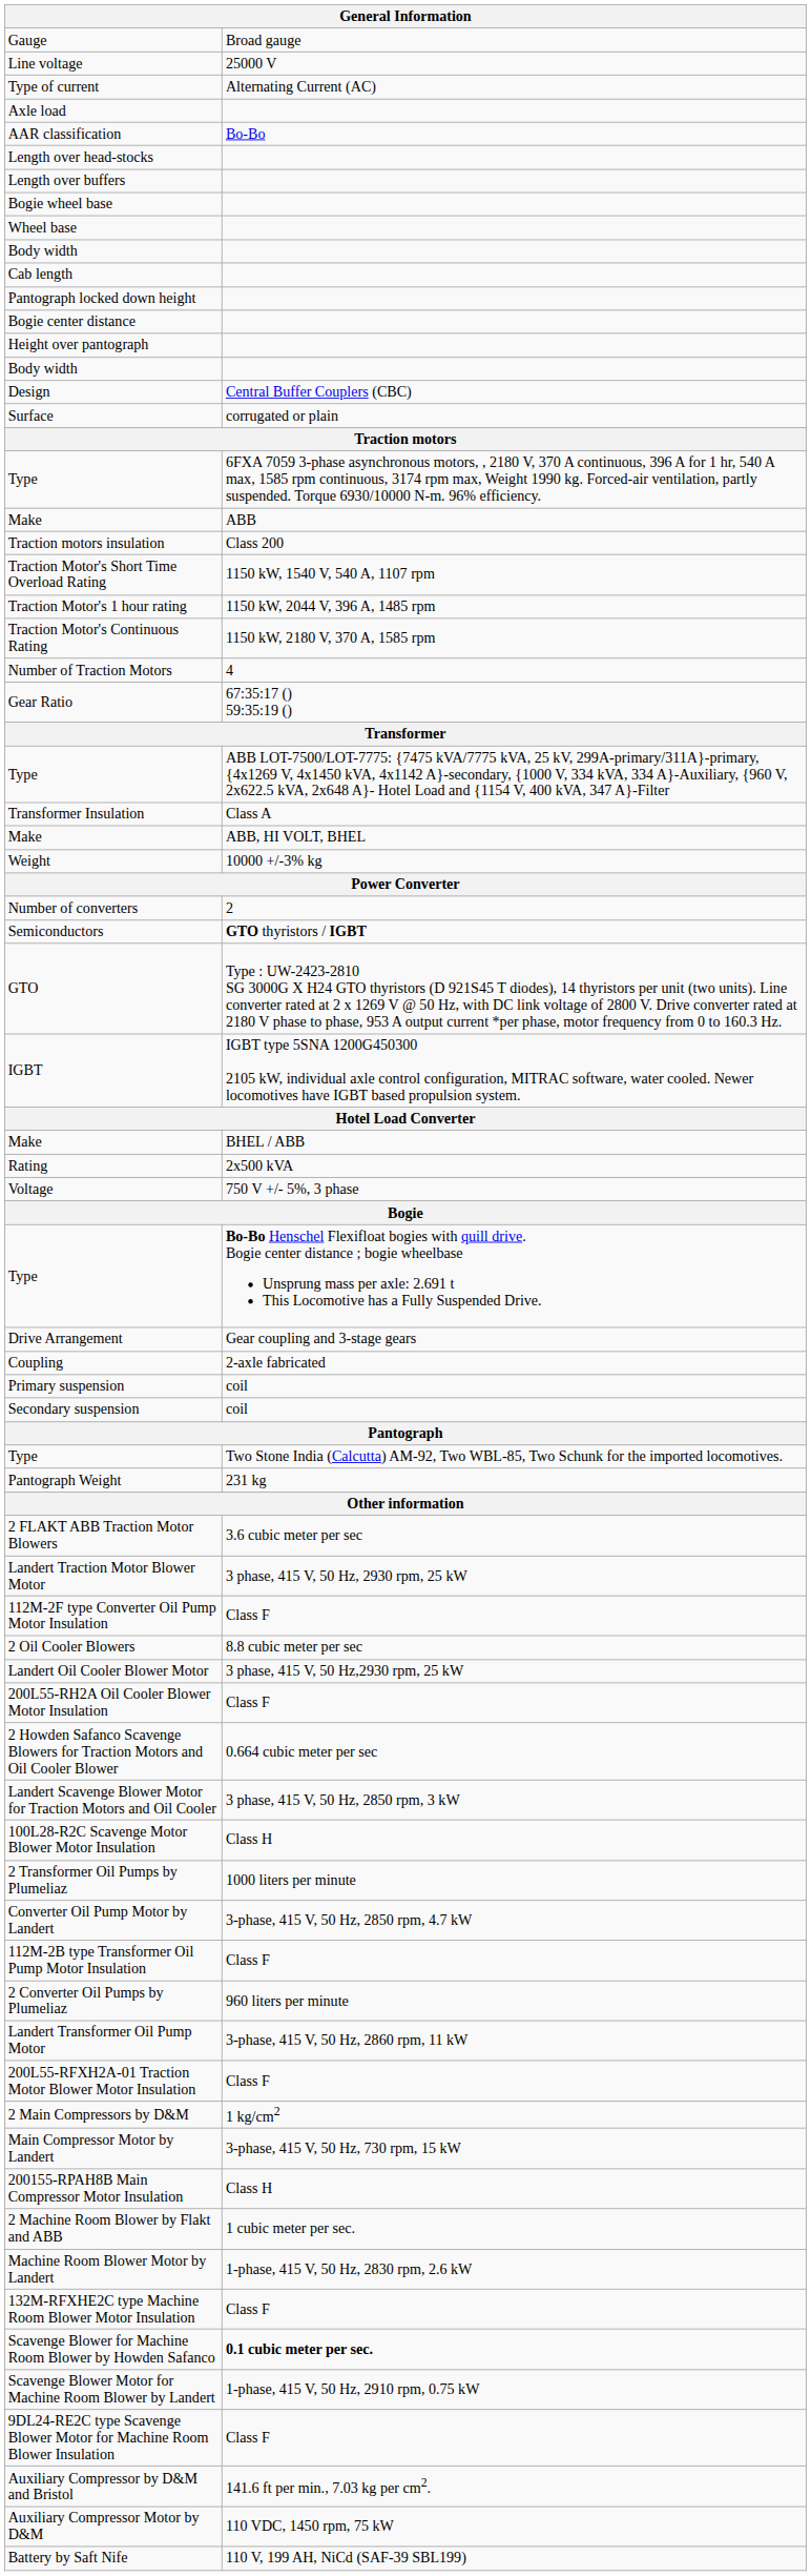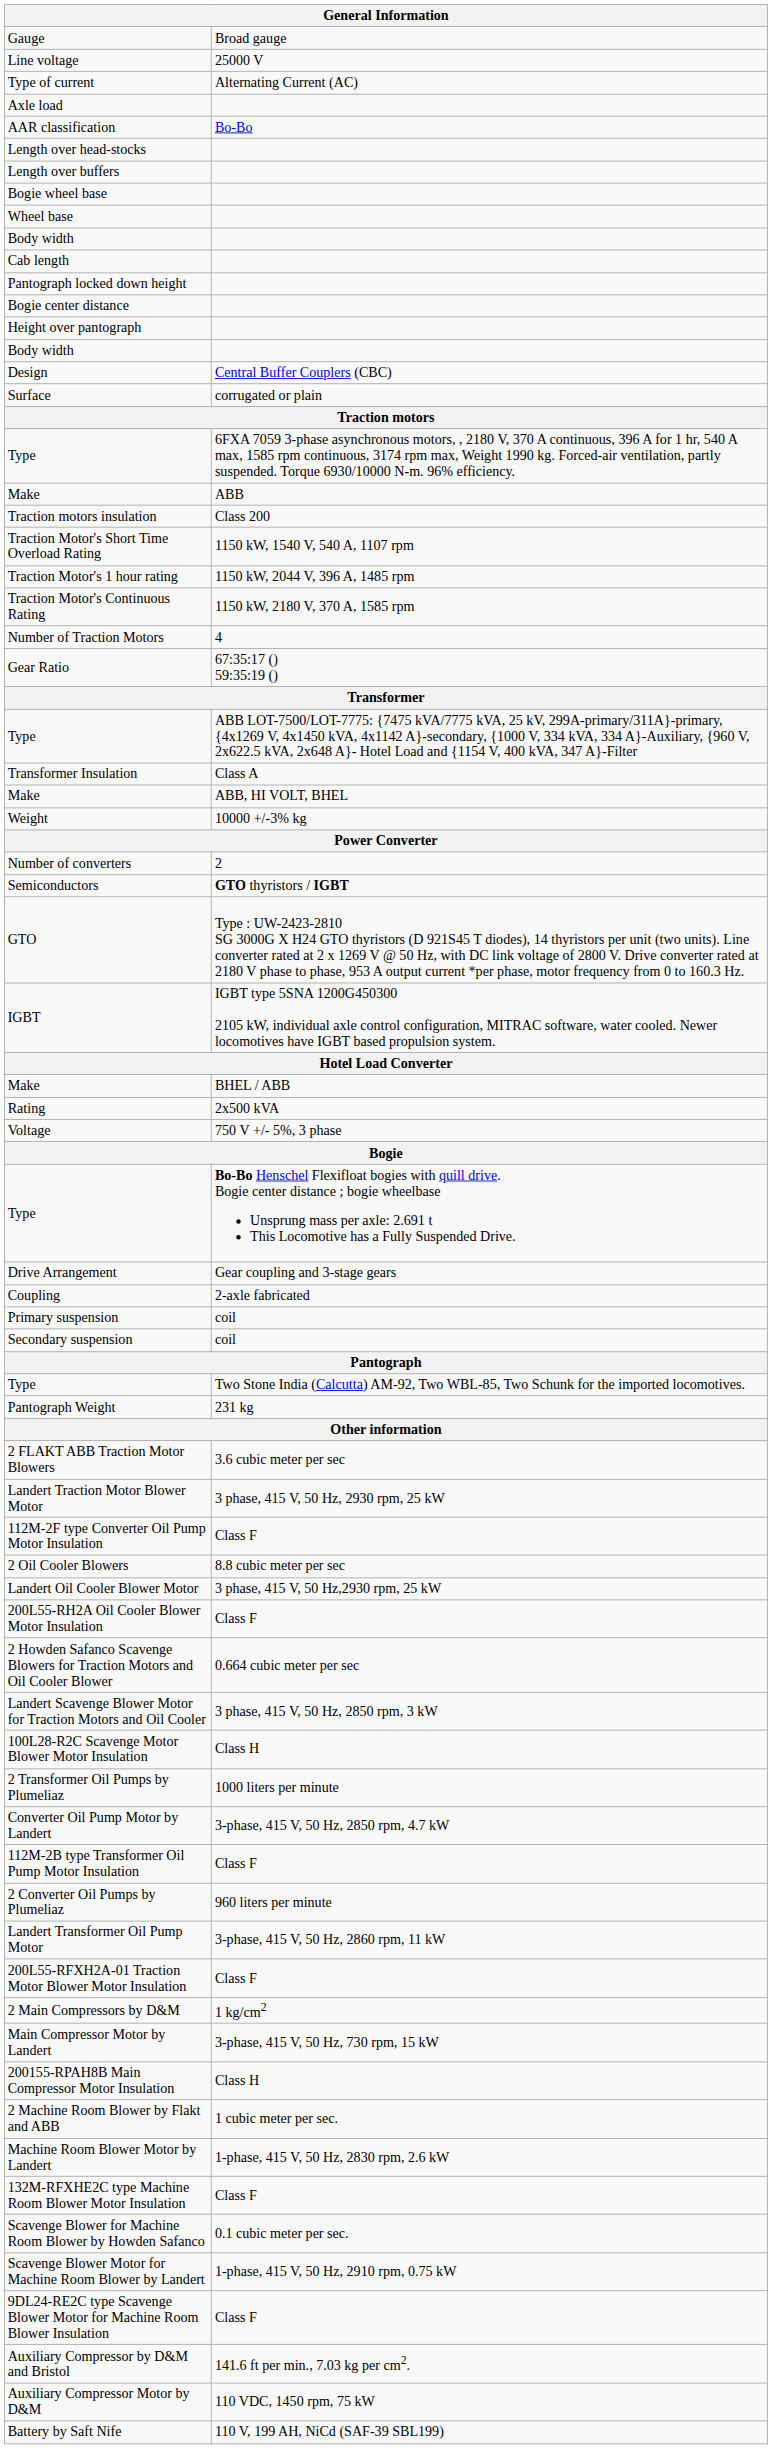 <table class="wikitable"style="text-align:left;"style="font-size: 85%">
 <tr>
 <th colspan=2><strong>General Information</strong></th>
 </tr>
 <tr>
 <td>Gauge</td>
 <td>Broad gauge </td>
 </tr>
 <tr>
 <td>Line voltage</td>
 <td>25000 V</td>
 </tr>
 <tr>
 <td>Type of current</td>
 <td>Alternating Current (AC)</td>
 </tr>
 <tr>
 <td>Axle load</td>
 <td></td>
 </tr>
 <tr>
 <td>AAR classification</td>
 <td><a href='#'>Bo-Bo</a></td>
 </tr>
 <tr>
 <td>Length over head-stocks</td>
 <td></td>
 </tr>
 <tr>
 <td>Length over buffers</td>
 <td></td>
 </tr>
 <tr>
 <td>Bogie wheel base</td>
 <td></td>
 </tr>
 <tr>
 <td>Wheel base</td>
 <td></td>
 </tr>
 <tr>
 <td>Body width</td>
 <td></td>
 </tr>
 <tr>
 <td>Cab length</td>
 <td></td>
 </tr>
 <tr>
 <td>Pantograph locked down height</td>
 <td></td>
 </tr>
 <tr>
 <td>Bogie center distance</td>
 <td></td>
 </tr>
 <tr>
 <td>Height over pantograph</td>
 <td></td>
 </tr>
 <tr>
 <td>Body width</td>
 <td></td>
 </tr>
 <tr>
 <td>Design</td>
 <td><a href='#'>Central Buffer Couplers</a> (CBC)</td>
 </tr>
 <tr>
 <td>Surface</td>
 <td>corrugated or plain</td>
 </tr>
 <tr>
 <th colspan=2><strong>Traction motors</strong></th>
 </tr>
 <tr>
 <td>Type</td>
 <td>6FXA 7059 3-phase asynchronous motors, , 2180 V, 370 A continuous, 396 A for 1 hr, 540 A max, 1585 rpm continuous, 3174 rpm max, Weight 1990 kg. Forced-air ventilation, partly suspended. Torque 6930/10000 N-m. 96% efficiency.</td>
 </tr>
 <tr>
 <td>Make</td>
 <td>ABB</td>
 </tr>
 <tr>
 <td>Traction motors insulation</td>
 <td>Class 200</td>
 </tr>
 <tr>
 <td>Traction Motor's Short Time Overload Rating</td>
 <td>1150 kW, 1540 V, 540 A, 1107 rpm</td>
 </tr>
 <tr>
 <td>Traction Motor's 1 hour rating</td>
 <td>1150 kW, 2044 V, 396 A, 1485 rpm</td>
 </tr>
 <tr>
 <td>Traction Motor's Continuous Rating</td>
 <td>1150 kW, 2180 V, 370 A, 1585 rpm</td>
 </tr>
 <tr>
 <td>Number of Traction Motors</td>
 <td>4</td>
 </tr>
 <tr>
 <td>Gear Ratio</td>
 <td>67:35:17 ()<br>59:35:19 ()</td>
 </tr>
 <tr>
 <th colspan=2><strong>Transformer</strong></th>
 </tr>
 <tr>
 <td>Type</td>
 <td>ABB LOT-7500/LOT-7775: {7475 kVA/7775 kVA, 25 kV, 299A-primary/311A}-primary, {4x1269 V, 4x1450 kVA, 4x1142 A}-secondary, {1000 V, 334 kVA, 334 A}-Auxiliary, {960 V, 2x622.5 kVA, 2x648 A}- Hotel Load and {1154 V, 400 kVA, 347 A}-Filter</td>
 </tr>
 <tr>
 <td>Transformer Insulation</td>
 <td>Class A</td>
 </tr>
 <tr>
 <td>Make</td>
 <td>ABB, HI VOLT, BHEL</td>
 </tr>
 <tr>
 <td>Weight</td>
 <td>10000 +/-3% kg</td>
 </tr>
 <tr>
 <th colspan=2><strong>Power Converter</strong></th>
 </tr>
 <tr>
 <td>Number of converters</td>
 <td>2</td>
 </tr>
 <tr>
 <td>Semiconductors</td>
 <td><strong>GTO</strong> thyristors / <strong>IGBT</strong></td>
 </tr>
 <tr>
 <td>GTO</td>
 <td><br>Type : UW-2423-2810 <br> SG 3000G X H24 GTO thyristors (D 921S45 T diodes), 14 thyristors per unit (two units). Line converter rated at 2 x 1269 V @ 50 Hz, with DC link voltage of 2800 V. Drive converter rated at 2180 V phase to phase, 953 A output current *per phase, motor frequency from 0 to 160.3 Hz.</td>
 </tr>
 <tr>
 <td>IGBT</td>
 <td>IGBT type 5SNA 1200G450300 <br><br>2105 kW, individual axle control configuration, MITRAC software, water cooled. Newer locomotives have IGBT based propulsion system.</td>
 </tr>
 <tr>
 <th colspan=2><strong>Hotel Load Converter</strong></th>
 </tr>
 <tr>
 <td>Make</td>
 <td>BHEL / ABB</td>
 </tr>
 <tr>
 <td>Rating</td>
 <td>2x500 kVA</td>
 </tr>
 <tr>
 <td>Voltage</td>
 <td>750 V +/- 5%, 3 phase</td>
 </tr>
 <tr>
 <th colspan=2><strong>Bogie</strong></th>
 </tr>
 <tr>
 <td>Type</td>
 <td><strong>Bo-Bo</strong> <a href='#'>Henschel</a> Flexifloat bogies with <a href='#'>quill drive</a>.<br>Bogie center distance ; bogie wheelbase <ul><li>Unsprung mass per axle: 2.691 t</li><li>This Locomotive has a Fully Suspended Drive.</li></ul></td>
 </tr>
 <tr>
 <td>Drive Arrangement</td>
 <td>Gear coupling and 3-stage gears</td>
 </tr>
 <tr>
 <td>Coupling</td>
 <td>2-axle fabricated</td>
 </tr>
 <tr>
 <td>Primary suspension</td>
 <td>coil</td>
 </tr>
 <tr>
 <td>Secondary suspension</td>
 <td>coil</td>
 </tr>
 <tr>
 <th colspan=2><strong>Pantograph</strong></th>
 </tr>
 <tr>
 <td>Type</td>
 <td>Two Stone India (<a href='#'>Calcutta</a>) AM-92, Two WBL-85, Two Schunk for the imported locomotives.</td>
 </tr>
 <tr>
 <td>Pantograph Weight</td>
 <td>231 kg</td>
 </tr>
 <tr>
 <th colspan=2><strong>Other information</strong></th>
 </tr>
 <tr>
 <td>2 FLAKT ABB Traction Motor Blowers</td>
 <td>3.6 cubic meter per sec</td>
 </tr>
 <tr>
 <td>Landert Traction Motor Blower Motor</td>
 <td>3 phase, 415 V, 50 Hz, 2930 rpm, 25 kW</td>
 </tr>
 <tr>
 <td>112M-2F type Converter Oil Pump Motor Insulation</td>
 <td>Class F</td>
 </tr>
 <tr>
 <td>2 Oil Cooler Blowers</td>
 <td>8.8 cubic meter per sec</td>
 </tr>
 <tr>
 <td>Landert Oil Cooler Blower Motor</td>
 <td>3 phase, 415 V, 50 Hz,2930 rpm, 25 kW</td>
 </tr>
 <tr>
 <td>200L55-RH2A Oil Cooler Blower Motor Insulation</td>
 <td>Class F</td>
 </tr>
 <tr>
 <td>2 Howden Safanco Scavenge Blowers for Traction Motors and Oil Cooler Blower</td>
 <td>0.664 cubic meter per sec</td>
 </tr>
 <tr>
 <td>Landert Scavenge Blower Motor for Traction Motors and Oil Cooler</td>
 <td>3 phase, 415 V, 50 Hz, 2850 rpm, 3 kW</td>
 </tr>
 <tr>
 <td>100L28-R2C Scavenge Motor Blower Motor Insulation</td>
 <td>Class H</td>
 </tr>
 <tr>
 <td>2 Transformer Oil Pumps by Plumeliaz</td>
 <td>1000 liters per minute</td>
 </tr>
 <tr>
 <td>Converter Oil Pump Motor by Landert</td>
 <td>3-phase, 415 V, 50 Hz, 2850 rpm, 4.7 kW</td>
 </tr>
 <tr>
 <td>112M-2B type Transformer Oil Pump Motor Insulation</td>
 <td>Class F</td>
 </tr>
 <tr>
 <td>2 Converter Oil Pumps by Plumeliaz</td>
 <td>960 liters per minute</td>
 </tr>
 <tr>
 <td>Landert Transformer Oil Pump Motor</td>
 <td>3-phase, 415 V, 50 Hz, 2860 rpm, 11 kW</td>
 </tr>
 <tr>
 <td>200L55-RFXH2A-01 Traction Motor Blower Motor Insulation</td>
 <td>Class F</td>
 </tr>
 <tr>
 <td>2 Main Compressors by D&M</td>
 <td>1 kg/cm<sup>2</sup></td>
 </tr>
 <tr>
 <td>Main Compressor Motor by Landert</td>
 <td>3-phase, 415 V, 50 Hz, 730 rpm, 15 kW</td>
 </tr>
 <tr>
 <td>200155-RPAH8B Main Compressor Motor Insulation</td>
 <td>Class H</td>
 </tr>
 <tr>
 <td>2 Machine Room Blower by Flakt and ABB</td>
 <td>1 cubic meter per sec.</td>
 </tr>
 <tr>
 <td>Machine Room Blower Motor by Landert</td>
 <td>1-phase, 415 V, 50 Hz, 2830 rpm, 2.6 kW</td>
 </tr>
 <tr>
 <td>132M-RFXHE2C type Machine Room Blower Motor Insulation</td>
 <td>Class F</td>
 </tr>
 <tr>
 <td>Scavenge Blower for Machine Room Blower by Howden Safanco</td>
-<td><strong>0.1 cubic meter per sec.</strong></td>
+<td>0.1 cubic meter per sec.</td>
 </tr>
 <tr>
 <td>Scavenge Blower Motor for Machine Room Blower by Landert</td>
 <td>1-phase, 415 V, 50 Hz, 2910 rpm, 0.75 kW</td>
 </tr>
 <tr>
 <td>9DL24-RE2C type Scavenge Blower Motor for Machine Room Blower Insulation</td>
 <td>Class F</td>
 </tr>
 <tr>
 <td>Auxiliary Compressor by D&M and Bristol</td>
 <td>141.6 ft per min., 7.03 kg per cm<sup>2</sup>.</td>
 </tr>
 <tr>
 <td>Auxiliary Compressor Motor by D&M</td>
 <td>110 VDC, 1450 rpm, 75 kW</td>
 </tr>
 <tr>
 <td>Battery by Saft Nife</td>
 <td>110 V, 199 AH, NiCd (SAF-39 SBL199)</td>
 </tr>
 </table>
